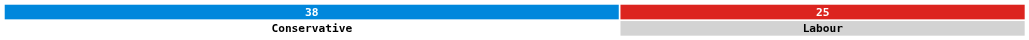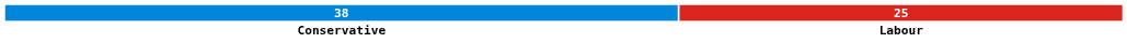 <table style="width:60%; text-align:center;">
 <tr style="color:white;">
 <td style="background:#0087DC; width:60.3%;"><strong>38</strong></td>
 <td style="background:#dc241f; width:39.7%;"><strong>25</strong></td>
 </tr>
 <tr>
 <td><span><strong>Conservative</strong></span></td>
-<td style="background: lightgrey;"><span><strong>Labour</strong></span></td>
+<td><span><strong>Labour</strong></span></td>
 </tr>
 </table>
